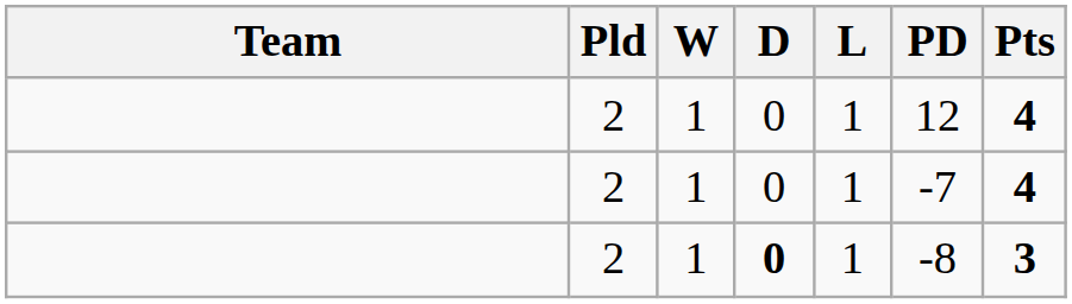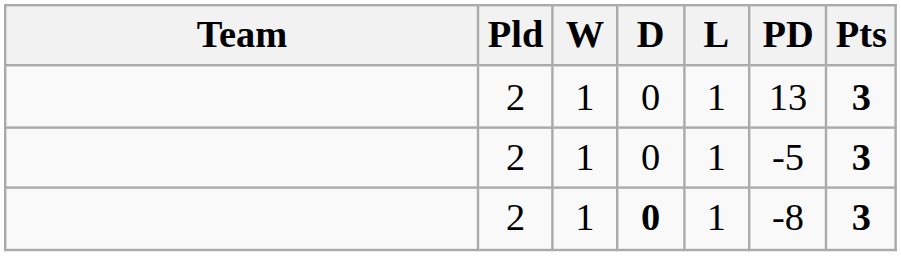 <table class="wikitable" style="text-align:center;">
 <tr>
 <th width="190">Team</th>
 <th width="20" abbr="Played">Pld</th>
 <th width="20" abbr="Won">W</th>
 <th width="20" abbr="Drawn">D</th>
 <th width="20" abbr="Lost">L</th>
 <th width="25" abbr="Points difference">PD</th>
 <th width="20" abbr="Points">Pts</th>
 </tr>
 <tr>
 <td align="left"></td>
 <td>2</td>
 <td>1</td>
 <td>0</td>
 <td>1</td>
-<td>12</td>
-<td><strong>4</strong></td>
+<td>13</td>
+<td><strong>3</strong></td>
 </tr>
 <tr>
 <td align="left"></td>
 <td>2</td>
 <td>1</td>
 <td>0</td>
 <td>1</td>
-<td>-7</td>
-<td><strong>4</strong></td>
+<td>-5</td>
+<td><strong>3</strong></td>
 </tr>
 <tr>
 <td align="left"></td>
 <td>2</td>
 <td>1</td>
 <td><strong>0</strong></td>
 <td>1</td>
 <td>-8</td>
 <td><strong>3</strong></td>
 </tr>
 </table>
